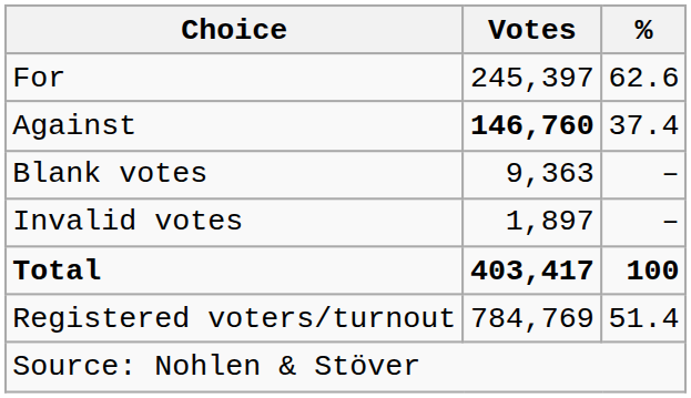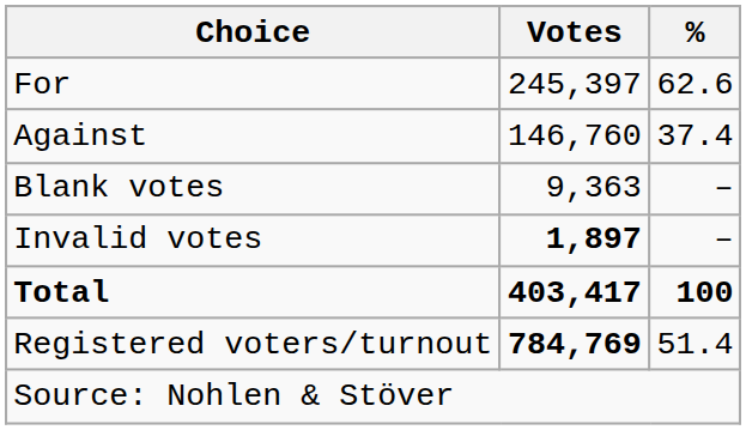 <table class=wikitable style=text-align:right>
 <tr>
 <th>Choice</th>
 <th>Votes</th>
 <th>%</th>
 </tr>
 <tr>
 <td align=left>For</td>
 <td>245,397</td>
 <td>62.6</td>
 </tr>
 <tr>
 <td align=left>Against</td>
-<td><strong>146,760</strong></td>
+<td>146,760</td>
 <td>37.4</td>
 </tr>
 <tr>
 <td align=left>Blank votes</td>
 <td>9,363</td>
 <td>–</td>
 </tr>
 <tr>
 <td align=left>Invalid votes</td>
-<td>1,897</td>
+<td><strong>1,897</strong></td>
 <td>–</td>
 </tr>
 <tr>
 <td align=left><strong>Total</strong></td>
 <td><strong>403,417</strong></td>
 <td><strong>100</strong></td>
 </tr>
 <tr>
 <td align=left>Registered voters/turnout</td>
-<td>784,769</td>
+<td><strong>784,769</strong></td>
 <td>51.4</td>
 </tr>
 <tr>
 <td align=left colspan=3>Source: Nohlen & Stöver</td>
 </tr>
 </table>
